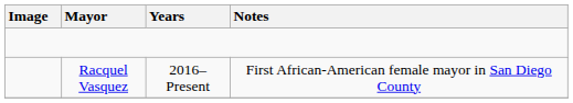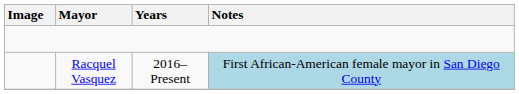 <table class="wikitable" style="text-align:center">
 <tr>
 <th style="text-align:left; width:10%;">Image</th>
 <th style="text-align:left; width:15%;">Mayor</th>
 <th style="text-align:left; width:15%;">Years</th>
 <th style="text-align:left; width:60%;">Notes</th>
 </tr>
 <tr style="height:2em">
 </tr>
 <tr>
 <td></td>
 <td><a href='#'>Racquel Vasquez</a></td>
 <td>2016–Present</td>
-<td>First African-American female mayor in <a href='#'>San Diego County</a></td>
+<td style="background: lightblue;">First African-American female mayor in <a href='#'>San Diego County</a></td>
 </tr>
 <tr>
 </tr>
 </table>
